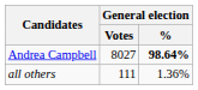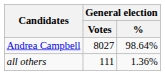 <table class=wikitable>
 <tr>
 <th colspan=1 rowspan=2><strong>Candidates</strong></th>
 <th colspan=2><strong>General election</strong></th>
 </tr>
 <tr>
 <th>Votes</th>
 <th>%</th>
 </tr>
 <tr>
 <td><a href='#'>Andrea Campbell</a></td>
 <td align="right">8027</td>
-<td align="right"><strong>98.64%</strong></td>
+<td align="right">98.64%</td>
 </tr>
 <tr>
 <td><em>all others</em></td>
 <td align="right">111</td>
 <td align="right">1.36%</td>
 </tr>
 </table>
